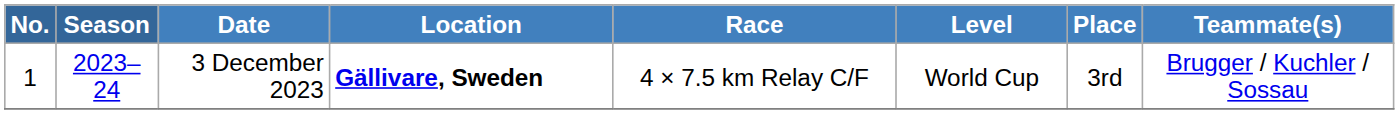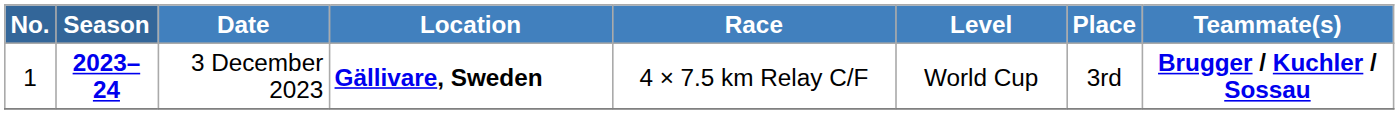 <table class="wikitable sortable" style="font-size:95%; text-align:center; border:grey solid 1px; border-collapse:collapse; background:#ffffff;">
 <tr style="background:#efefef;">
 <th style="background-color:#369; color:white;">No.</th>
 <th style="background-color:#369; color:white;">Season</th>
 <th style="background-color:#4180be; color:white; width:100px;">Date</th>
 <th style="background-color:#4180be; color:white; width:170px;">Location</th>
 <th style="background-color:#4180be; color:white; width:170px;">Race</th>
 <th style="background-color:#4180be; color:white; width:100px;">Level</th>
 <th style="background-color:#4180be; color:white;">Place</th>
 <th style="background-color:#4180be; color:white;">Teammate(s)</th>
 </tr>
 <tr>
 <td align=center>1</td>
-<td rowspan=1 align=center><a href='#'>2023–24</a></td>
+<td rowspan=1 align=center><strong><a href='#'>2023–24</a></strong></td>
 <td align=right>3 December 2023</td>
 <td align=left><strong> <a href='#'>Gällivare</a>, Sweden</strong></td>
 <td>4 × 7.5 km Relay C/F</td>
 <td>World Cup</td>
 <td>3rd</td>
-<td><a href='#'>Brugger</a> / <a href='#'>Kuchler</a> / <a href='#'>Sossau</a></td>
+<td><strong><a href='#'>Brugger</a> / <a href='#'>Kuchler</a> / <a href='#'>Sossau</a></strong></td>
 </tr>
 <tr>
 </tr>
 </table>
